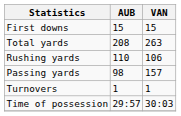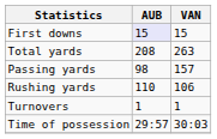 <table class="wikitable">
 <tr>
 <th>Statistics</th>
 <th>AUB</th>
 <th>VAN</th>
 </tr>
 <tr>
 <td>First downs</td>
-<td>15</td>
+<td style="background: lavender;">15</td>
 <td>15</td>
 </tr>
 <tr>
 <td>Total yards</td>
 <td>208</td>
 <td>263</td>
 </tr>
 <tr>
+<td>Passing yards</td>
+<td>98</td>
+<td>157</td>
+</tr>
+<tr>
 <td>Rushing yards</td>
 <td>110</td>
 <td>106</td>
-</tr>
-<tr>
-<td>Passing yards</td>
-<td>98</td>
-<td>157</td>
 </tr>
 <tr>
 <td>Turnovers</td>
 <td>1</td>
 <td>1</td>
 </tr>
 <tr>
 <td>Time of possession</td>
 <td>29:57</td>
 <td>30:03</td>
 </tr>
 <tr>
 </tr>
 </table>
